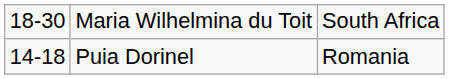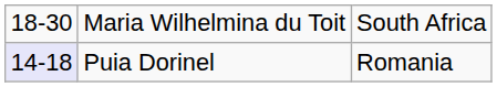 <table class="wikitable">
 <tr>
 <td>18-30</td>
 <td>Maria Wilhelmina du Toit</td>
 <td>South Africa</td>
 </tr>
 <tr>
-<td>14-18</td>
+<td style="background: lavender;">14-18</td>
 <td>Puia Dorinel</td>
 <td>Romania</td>
 </tr>
 </table>
